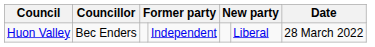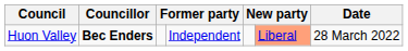 <table class="wikitable sortable">
 <tr>
 <th>Council</th>
 <th>Councillor</th>
 <th colspan="2">Former party</th>
 <th colspan="2">New party</th>
 <th>Date</th>
 </tr>
 <tr>
 <td><a href='#'>Huon Valley</a></td>
-<td>Bec Enders</td>
+<td><strong>Bec Enders</strong></td>
 <td> </td>
 <td><a href='#'>Independent</a></td>
 <td> </td>
-<td><a href='#'>Liberal</a></td>
+<td style="background: lightsalmon;"><a href='#'>Liberal</a></td>
 <td>28 March 2022</td>
 </tr>
 </table>
